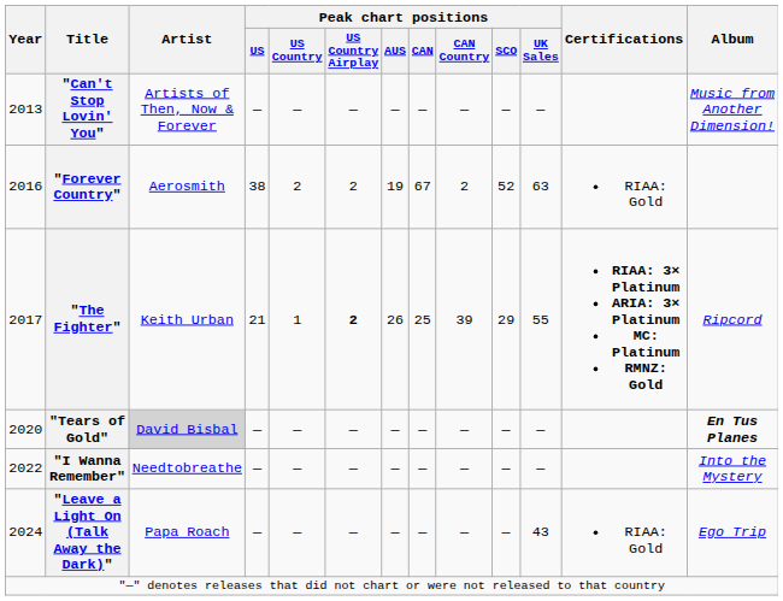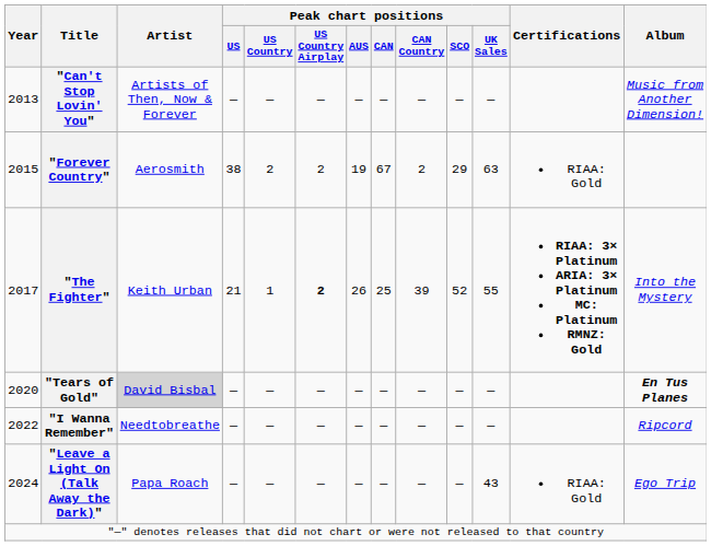 <table class="wikitable plainrowheaders" style="text-align:center;">
 <tr>
 <th rowspan="2">Year</th>
 <th rowspan="2" style="width:16em;">Title</th>
 <th rowspan="2">Artist</th>
 <th colspan="8”">Peak chart positions</th>
 <th rowspan="2">Certifications</th>
 <th rowspan="2">Album</th>
 </tr>
 <tr>
 <th style="width:4em;font-size:85%;"><a href='#'>US</a><br></th>
 <th scope="col" style="width:2.5em;font-size:85%;"><a href='#'>US Country</a><br></th>
 <th scope="col" style="width:2.5em;font-size:85%;"><a href='#'>US Country Airplay</a><br></th>
 <th style="width:4em;font-size:85%;"><a href='#'>AUS</a><br></th>
 <th style="width:4em;font-size:85%;"><a href='#'>CAN</a><br></th>
 <th style="width:4em;font-size:85%;"><a href='#'>CAN Country</a><br></th>
 <th style="width:4em;font-size:85%;"><a href='#'>SCO</a><br></th>
 <th style="width:4em;font-size:85%;"><a href='#'>UK<br> Sales</a><br></th>
 </tr>
 <tr>
 <td>2013</td>
 <th scope="row">"<a href='#'>Can't Stop Lovin' You</a>"</th>
 <td><a href='#'>Artists of Then, Now & Forever</a></td>
 <td>—</td>
 <td>—</td>
 <td>—</td>
 <td>—</td>
 <td>—</td>
 <td>—</td>
 <td>—</td>
 <td>—</td>
 <td></td>
 <td><em><a href='#'>Music from Another Dimension!</a></em></td>
 </tr>
 <tr>
-<td>2016</td>
+<td>2015</td>
 <th scope="row">"<a href='#'>Forever Country</a>"</th>
 <td><a href='#'>Aerosmith</a></td>
 <td>38</td>
 <td>2</td>
 <td>2</td>
 <td>19</td>
 <td>67</td>
 <td>2</td>
-<td>52</td>
+<td>29</td>
 <td>63</td>
 <td><br><ul><li>RIAA: Gold</li></ul></td>
 <td></td>
 </tr>
 <tr>
 <td>2017</td>
 <th scope="row">"<a href='#'>The Fighter</a>"</th>
 <td><a href='#'>Keith Urban</a></td>
 <td>21</td>
 <td>1</td>
 <td><strong>2</strong></td>
 <td>26</td>
 <td>25</td>
 <td>39</td>
-<td>29</td>
+<td>52</td>
 <td>55</td>
 <td><strong><br><ul><li>RIAA: 3× Platinum</li><li>ARIA: 3× Platinum</li><li>MC: Platinum</li><li>RMNZ: Gold</li></ul></strong></td>
-<td><a href='#'><em>Ripcord</em></a></td>
+<td><em><a href='#'>Into the Mystery</a></em></td>
 </tr>
 <tr>
 <td>2020</td>
 <th scope="row">"Tears of Gold"</th>
 <td style="background: lightgrey;"><a href='#'>David Bisbal</a></td>
 <td>—</td>
 <td>—</td>
 <td>—</td>
 <td>—</td>
 <td>—</td>
 <td>—</td>
 <td>—</td>
 <td>—</td>
 <td></td>
 <td><strong><em>En Tus Planes</em></strong></td>
 </tr>
 <tr>
 <td>2022</td>
 <th scope="row">"I Wanna Remember"</th>
 <td><a href='#'>Needtobreathe</a></td>
 <td>—</td>
 <td>—</td>
 <td>—</td>
 <td>—</td>
 <td>—</td>
 <td>—</td>
 <td>—</td>
 <td>—</td>
 <td></td>
-<td><em><a href='#'>Into the Mystery</a></em></td>
+<td><a href='#'><em>Ripcord</em></a></td>
 </tr>
 <tr>
 <td>2024</td>
 <th scope="row">"<a href='#'>Leave a Light On (Talk Away the Dark)</a>"</th>
 <td><a href='#'>Papa Roach</a></td>
 <td>—</td>
 <td>—</td>
 <td>—</td>
 <td>—</td>
 <td>—</td>
 <td>—</td>
 <td>—</td>
 <td>43</td>
 <td><br><ul><li>RIAA: Gold</li></ul></td>
 <td><em><a href='#'>Ego Trip</a></em></td>
 </tr>
 <tr>
 <td colspan="14" style="font-size:85%">"—" denotes releases that did not chart or were not released to that country</td>
 </tr>
 </table>
